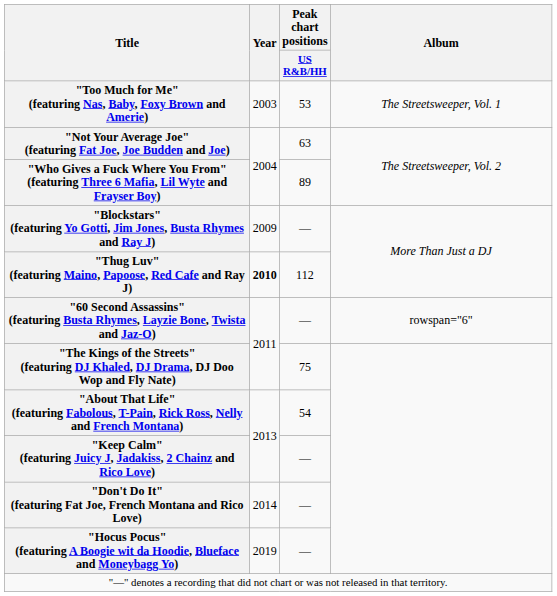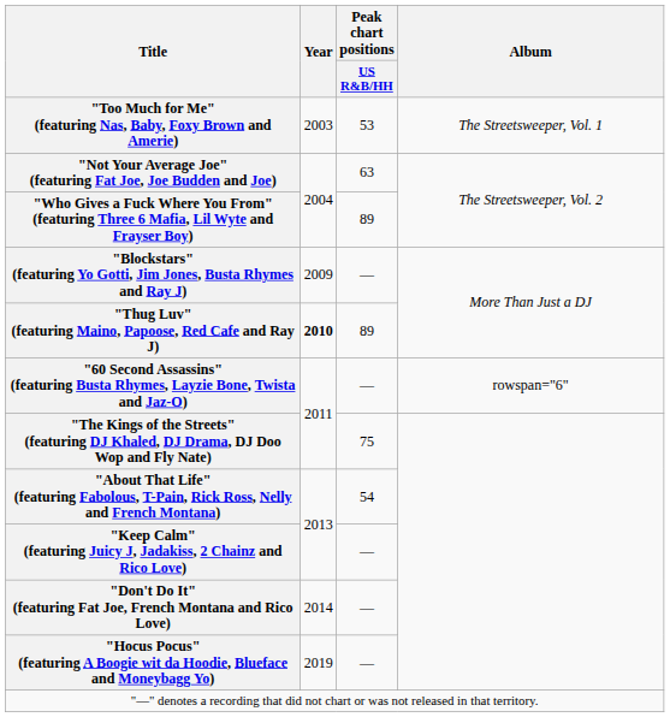 <table class="wikitable plainrowheaders" style="text-align:center;" border="1">
 <tr>
 <th scope="col" rowspan="2" style="width:20em;">Title</th>
 <th scope="col" rowspan="2" style="width:1em;">Year</th>
 <th scope="col" colspan="1">Peak chart positions</th>
 <th scope="col" rowspan="2" style="width:18em;">Album</th>
 </tr>
 <tr>
 <th scope="col" style="width:2.5em;font-size:90%;"><a href='#'>US<br>R&B/HH</a></th>
 </tr>
 <tr>
 <th scope="row">"Too Much for Me" <br><span>(featuring <a href='#'>Nas</a>, <a href='#'>Baby</a>, <a href='#'>Foxy Brown</a> and <a href='#'>Amerie</a>)</span></th>
 <td>2003</td>
 <td>53</td>
 <td><em>The Streetsweeper, Vol. 1</em></td>
 </tr>
 <tr>
 <th scope="row">"Not Your Average Joe" <br><span>(featuring <a href='#'>Fat Joe</a>, <a href='#'>Joe Budden</a> and <a href='#'>Joe</a>)</span></th>
 <td rowspan="2">2004</td>
 <td>63</td>
 <td rowspan="2"><em>The Streetsweeper, Vol. 2</em></td>
 </tr>
 <tr>
 <th scope="row">"Who Gives a Fuck Where You From" <br><span>(featuring <a href='#'>Three 6 Mafia</a>, <a href='#'>Lil Wyte</a> and <a href='#'>Frayser Boy</a>)</span></th>
 <td>89</td>
 </tr>
 <tr>
 <th scope="row">"Blockstars"<br><span>(featuring <a href='#'>Yo Gotti</a>, <a href='#'>Jim Jones</a>, <a href='#'>Busta Rhymes</a> and <a href='#'>Ray J</a>)</span></th>
 <td>2009</td>
 <td>—</td>
 <td rowspan="2"><em>More Than Just a DJ</em></td>
 </tr>
 <tr>
 <th scope="row">"Thug Luv"<br><span>(featuring <a href='#'>Maino</a>, <a href='#'>Papoose</a>, <a href='#'>Red Cafe</a> and Ray J)</span></th>
 <td><strong>2010</strong></td>
-<td>112</td>
+<td>89</td>
 </tr>
 <tr>
 <th scope="row">"60 Second Assassins" <br><span>(featuring <a href='#'>Busta Rhymes</a>, <a href='#'>Layzie Bone</a>, <a href='#'>Twista</a> and <a href='#'>Jaz-O</a>)</span></th>
 <td rowspan="2">2011</td>
 <td>—</td>
 <td>rowspan="6" </td>
 </tr>
 <tr>
 <th scope="row">"The Kings of the Streets" <br><span>(featuring <a href='#'>DJ Khaled</a>, <a href='#'>DJ Drama</a>, DJ Doo Wop and Fly Nate)</span></th>
 <td>75</td>
 </tr>
 <tr>
 <th scope="row">"About That Life"<br><span>(featuring <a href='#'>Fabolous</a>, <a href='#'>T-Pain</a>, <a href='#'>Rick Ross</a>, <a href='#'>Nelly</a> and <a href='#'>French Montana</a>)</span></th>
 <td rowspan="2">2013</td>
 <td>54</td>
 </tr>
 <tr>
 <th scope="row">"Keep Calm"<br><span>(featuring <a href='#'>Juicy J</a>, <a href='#'>Jadakiss</a>, <a href='#'>2 Chainz</a> and <a href='#'>Rico Love</a>)</span></th>
 <td>—</td>
 </tr>
 <tr>
 <th scope="row">"Don't Do It"<br><span>(featuring Fat Joe, French Montana and Rico Love)</span></th>
 <td>2014</td>
 <td>—</td>
 </tr>
 <tr>
 <th scope="row">"Hocus Pocus"<br><span>(featuring <a href='#'>A Boogie wit da Hoodie</a>, <a href='#'>Blueface</a> and <a href='#'>Moneybagg Yo</a>)</span></th>
 <td>2019</td>
 <td>—</td>
 </tr>
 <tr>
 <td colspan="4" style="font-size:90%">"—" denotes a recording that did not chart or was not released in that territory.</td>
 </tr>
 </table>
